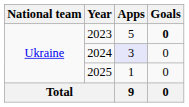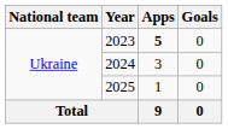 <table class="wikitable" style="text-align:center">
 <tr>
 <th>National team</th>
 <th>Year</th>
 <th>Apps</th>
 <th>Goals</th>
 </tr>
 <tr>
 <td rowspan="3"><a href='#'>Ukraine</a></td>
 <td>2023</td>
-<td>5</td>
-<td><strong>0</strong></td>
+<td><strong>5</strong></td>
+<td>0</td>
 </tr>
 <tr>
 <td>2024</td>
-<td style="background: lavender;">3</td>
+<td>3</td>
 <td>0</td>
 </tr>
 <tr>
 <td>2025</td>
 <td>1</td>
 <td>0</td>
 </tr>
 <tr>
 <th colspan=2>Total</th>
 <th>9</th>
 <th>0</th>
 </tr>
 </table>
